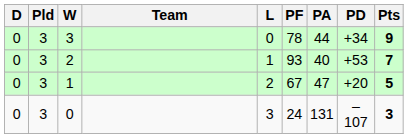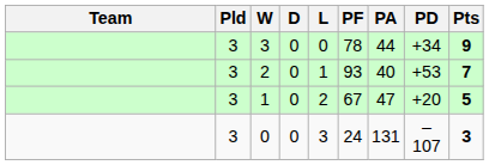 <table class="wikitable" style="text-align:center;">
 <tr>
-<th width=20 abbr="Drawn">D</th>
+<th width=190>Team</th>
 <th width=20 abbr="Played">Pld</th>
 <th width=20 abbr="Won">W</th>
-<th width=190>Team</th>
+<th width=20 abbr="Drawn">D</th>
 <th width=20 abbr="Lost">L</th>
 <th width=20 abbr="Points for">PF</th>
 <th width=20 abbr="Points against">PA</th>
 <th width=35 abbr="Points difference">PD</th>
 <th width=20 abbr="Points">Pts</th>
 </tr>
 <tr style="background:#ccffcc">
-<td>0</td>
+<td align=left></td>
 <td>3</td>
 <td>3</td>
-<td align=left></td>
+<td>0</td>
 <td>0</td>
 <td>78</td>
 <td>44</td>
 <td>+34</td>
 <td><strong>9</strong></td>
 </tr>
 <tr style="background:#ccffcc">
-<td>0</td>
+<td align=left></td>
 <td>3</td>
 <td>2</td>
-<td align=left></td>
+<td>0</td>
 <td>1</td>
 <td>93</td>
 <td>40</td>
 <td>+53</td>
 <td><strong>7</strong></td>
 </tr>
 <tr style="background:#ccffcc">
-<td>0</td>
+<td align=left></td>
 <td>3</td>
 <td>1</td>
-<td align=left></td>
+<td>0</td>
 <td>2</td>
 <td>67</td>
 <td>47</td>
 <td>+20</td>
 <td><strong>5</strong></td>
 </tr>
 <tr>
-<td>0</td>
+<td align=left></td>
 <td>3</td>
 <td>0</td>
-<td align=left></td>
+<td>0</td>
 <td>3</td>
 <td>24</td>
 <td>131</td>
 <td>–107</td>
 <td><strong>3</strong></td>
 </tr>
 </table>
